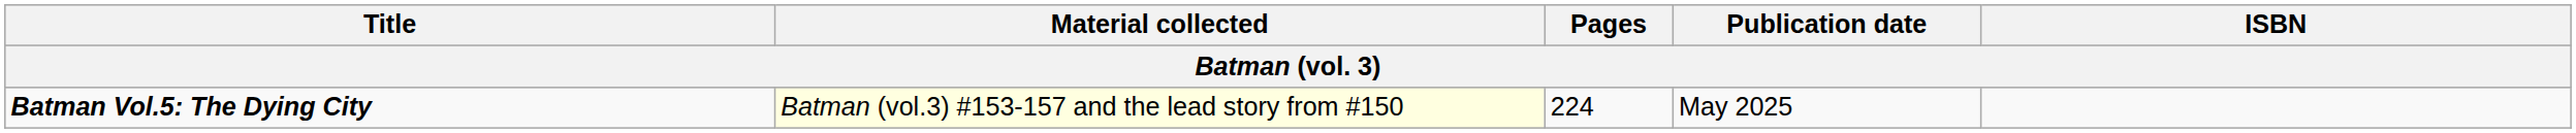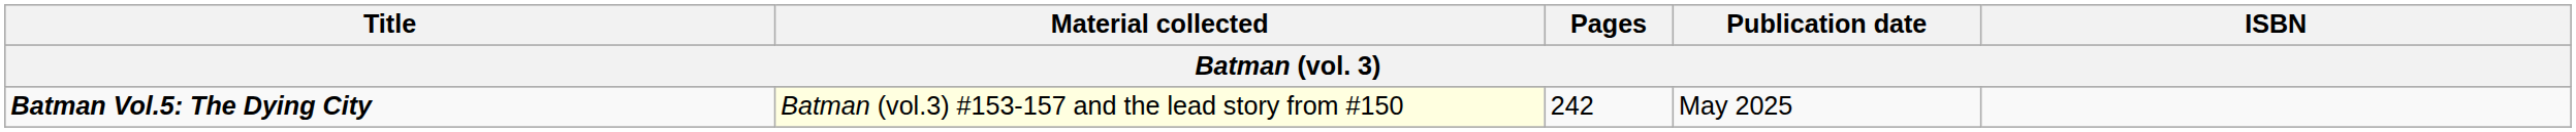 <table class="wikitable" width="100%">
 <tr>
 <th style="width:30%;">Title</th>
 <th style="width:30%;">Material collected</th>
 <th style="width:5%;">Pages</th>
 <th style="width:12%;">Publication date</th>
 <th>ISBN</th>
 </tr>
 <tr>
 <th colspan="5"><em>Batman</em> (vol. 3)</th>
 </tr>
 <tr>
 <td><strong><em>Batman Vol.5: The Dying City</em></strong></td>
 <td style="background: lightyellow;"><em>Batman</em> (vol.3) #153-157 and the lead story from #150</td>
-<td>224</td>
+<td>242</td>
 <td>May 2025</td>
 <td></td>
 </tr>
 </table>
